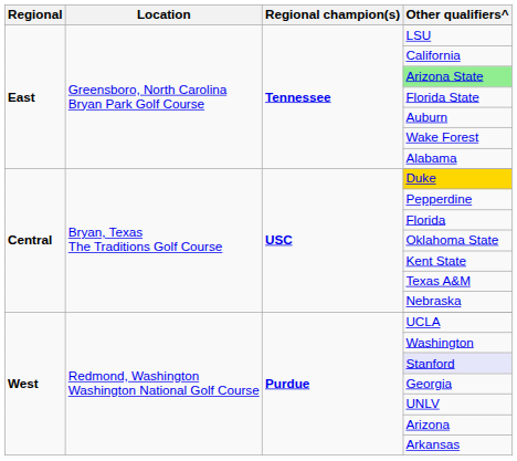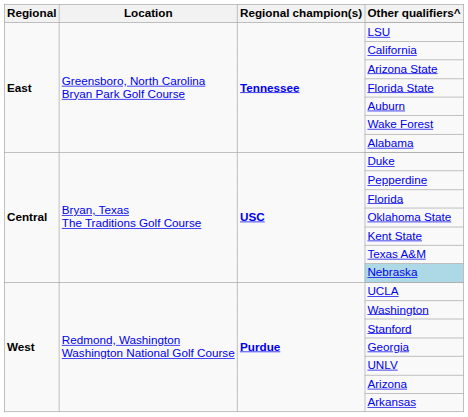 <table class="wikitable">
 <tr>
 <th>Regional</th>
 <th>Location</th>
 <th>Regional champion(s)</th>
 <th>Other qualifiers^</th>
 </tr>
 <tr>
 <td rowspan=8><strong>East</strong></td>
 <td rowspan=8><a href='#'>Greensboro, North Carolina</a><br><a href='#'>Bryan Park Golf Course</a></td>
 <td rowspan=8><strong><a href='#'>Tennessee</a></strong></td>
 </tr>
 <tr>
 <td><a href='#'>LSU</a></td>
 </tr>
 <tr>
 <td><a href='#'>California</a></td>
 </tr>
 <tr>
-<td style="background: lightgreen;"><a href='#'>Arizona State</a></td>
+<td><a href='#'>Arizona State</a></td>
 </tr>
 <tr>
 <td><a href='#'>Florida State</a></td>
 </tr>
 <tr>
 <td><a href='#'>Auburn</a></td>
 </tr>
 <tr>
 <td><a href='#'>Wake Forest</a></td>
 </tr>
 <tr>
 <td><a href='#'>Alabama</a></td>
 </tr>
 <tr>
 <td rowspan=8><strong>Central</strong></td>
 <td rowspan=8><a href='#'>Bryan, Texas</a><br><a href='#'>The Traditions Golf Course</a></td>
 <td rowspan=8><strong><a href='#'>USC</a></strong></td>
 </tr>
 <tr>
-<td style="background: gold;"><a href='#'>Duke</a></td>
+<td><a href='#'>Duke</a></td>
 </tr>
 <tr>
 <td><a href='#'>Pepperdine</a></td>
 </tr>
 <tr>
 <td><a href='#'>Florida</a></td>
 </tr>
 <tr>
 <td><a href='#'>Oklahoma State</a></td>
 </tr>
 <tr>
 <td><a href='#'>Kent State</a></td>
 </tr>
 <tr>
 <td><a href='#'>Texas A&M</a></td>
 </tr>
 <tr>
-<td><a href='#'>Nebraska</a></td>
+<td style="background: lightblue;"><a href='#'>Nebraska</a></td>
 </tr>
 <tr>
 <td rowspan=8><strong>West</strong></td>
 <td rowspan=8><a href='#'>Redmond, Washington</a><br><a href='#'>Washington National Golf Course</a></td>
 <td rowspan=8><strong><a href='#'>Purdue</a></strong></td>
 </tr>
 <tr>
 <td><a href='#'>UCLA</a></td>
 </tr>
 <tr>
 <td><a href='#'>Washington</a></td>
 </tr>
 <tr>
-<td style="background: lavender;"><a href='#'>Stanford</a></td>
+<td><a href='#'>Stanford</a></td>
 </tr>
 <tr>
 <td><a href='#'>Georgia</a></td>
 </tr>
 <tr>
 <td><a href='#'>UNLV</a></td>
 </tr>
 <tr>
 <td><a href='#'>Arizona</a></td>
 </tr>
 <tr>
 <td><a href='#'>Arkansas</a></td>
 </tr>
 </table>
